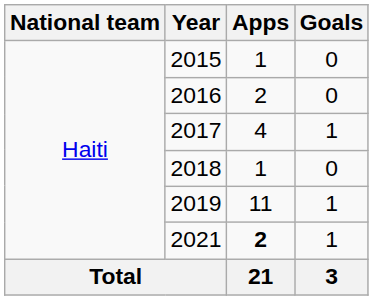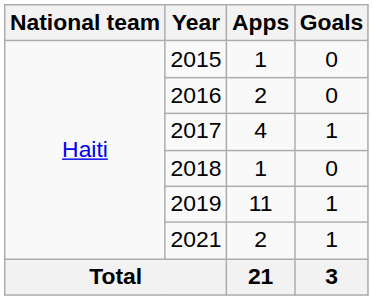 <table class="wikitable" style="text-align:center">
 <tr>
 <th>National team</th>
 <th>Year</th>
 <th>Apps</th>
 <th>Goals</th>
 </tr>
 <tr>
 <td rowspan="6"><a href='#'>Haiti</a></td>
 <td>2015</td>
 <td>1</td>
 <td>0</td>
 </tr>
 <tr>
 <td>2016</td>
 <td>2</td>
 <td>0</td>
 </tr>
 <tr>
 <td>2017</td>
 <td>4</td>
 <td>1</td>
 </tr>
 <tr>
 <td>2018</td>
 <td>1</td>
 <td>0</td>
 </tr>
 <tr>
 <td>2019</td>
 <td>11</td>
 <td>1</td>
 </tr>
 <tr>
 <td>2021</td>
-<td><strong>2</strong></td>
+<td>2</td>
 <td>1</td>
 </tr>
 <tr>
 <th colspan="2">Total</th>
 <th>21</th>
 <th>3</th>
 </tr>
 </table>
